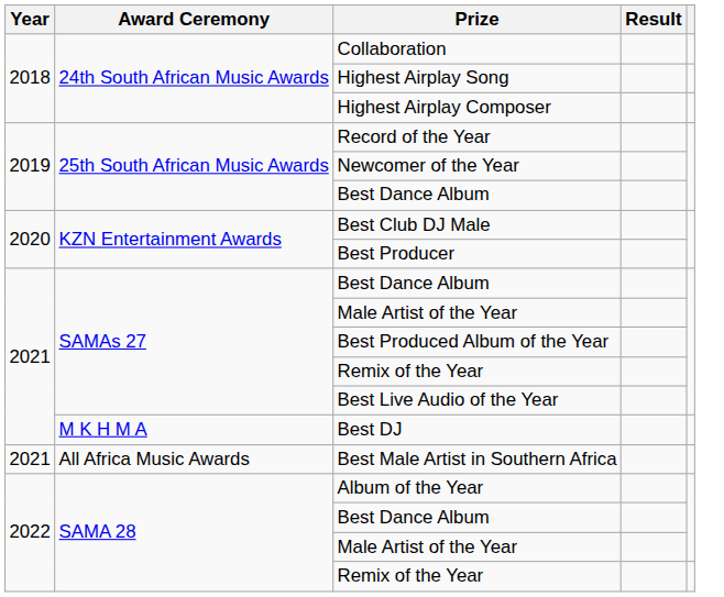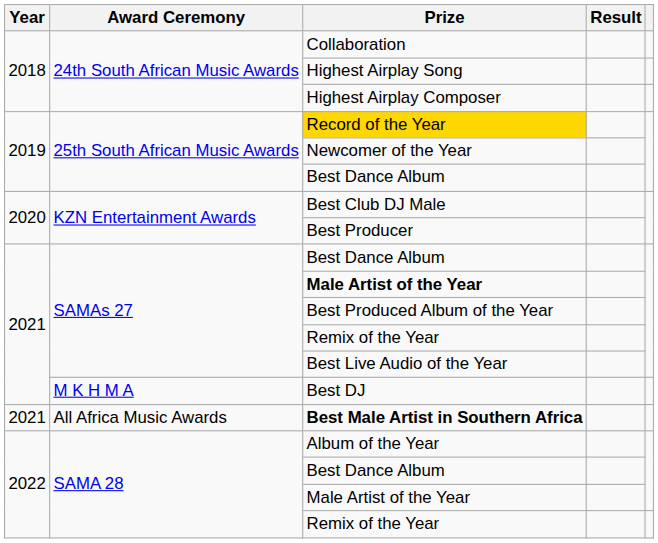 <table class="wikitable">
 <tr>
 <th>Year</th>
 <th>Award Ceremony</th>
 <th>Prize</th>
 <th>Result</th>
 <th></th>
 </tr>
 <tr>
 <td rowspan="3">2018</td>
 <td rowspan="3"><a href='#'>24th South African Music Awards</a></td>
 <td>Collaboration</td>
 <td></td>
 <td></td>
 </tr>
 <tr>
 <td>Highest Airplay Song</td>
 <td></td>
 <td></td>
 </tr>
 <tr>
 <td>Highest Airplay Composer</td>
 <td></td>
 <td></td>
 </tr>
 <tr>
 <td rowspan="3">2019</td>
 <td rowspan="3"><a href='#'>25th South African Music Awards</a></td>
-<td>Record of the Year </td>
+<td style="background: gold;">Record of the Year </td>
 <td></td>
 <td rowspan="3"><br></td>
 </tr>
 <tr>
 <td>Newcomer of the Year</td>
 <td></td>
 </tr>
 <tr>
 <td>Best Dance Album</td>
 <td></td>
 </tr>
 <tr>
 <td rowspan="2">2020</td>
 <td rowspan="2"><a href='#'>KZN Entertainment Awards</a></td>
 <td>Best Club DJ Male</td>
 <td></td>
 <td rowspan="2"></td>
 </tr>
 <tr>
 <td>Best Producer</td>
 <td></td>
 </tr>
 <tr>
 <td rowspan="6">2021</td>
 <td rowspan="5"><a href='#'>SAMAs 27</a></td>
 <td>Best Dance Album</td>
 <td></td>
 <td rowspan ="5"></td>
 </tr>
 <tr>
-<td>Male Artist of the Year</td>
+<td><strong>Male Artist of the Year</strong></td>
 <td></td>
 </tr>
 <tr>
 <td>Best Produced  Album of the Year</td>
 <td></td>
 </tr>
 <tr>
 <td>Remix of the Year</td>
 <td></td>
 </tr>
 <tr>
 <td>Best Live Audio of the Year</td>
 <td></td>
 </tr>
 <tr>
 <td><a href='#'>M K H M A</a></td>
 <td>Best DJ</td>
 <td></td>
 <td></td>
 </tr>
 <tr>
 <td>2021</td>
 <td>All Africa Music Awards</td>
-<td>Best Male Artist in Southern Africa</td>
+<td><strong>Best Male Artist in Southern Africa</strong></td>
 <td></td>
 <td></td>
 </tr>
 <tr>
 <td rowspan="4">2022</td>
 <td rowspan="4"><a href='#'>SAMA 28</a></td>
 <td>Album of the Year</td>
 <td></td>
 <td rowspan="3"></td>
 </tr>
 <tr>
 <td>Best Dance Album</td>
 <td></td>
 </tr>
 <tr>
 <td>Male Artist of the Year</td>
 <td></td>
 </tr>
 <tr>
 <td>Remix of the Year</td>
 <td></td>
 <td></td>
 </tr>
 </table>
